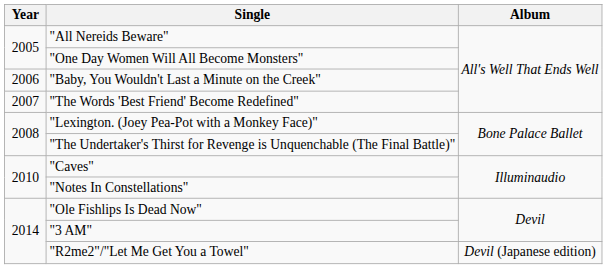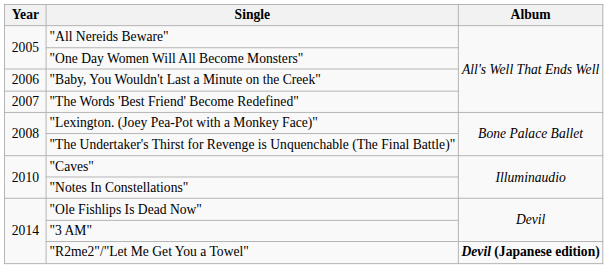 <table class="wikitable" style="text-align:center;">
 <tr>
 <th rowspan="1" width="42">Year</th>
 <th rowspan="1">Single</th>
 <th rowspan="1">Album</th>
 </tr>
 <tr>
 <td rowspan="2">2005</td>
 <td align="left">"All Nereids Beware"</td>
 <td rowspan="4"><em>All's Well That Ends Well</em></td>
 </tr>
 <tr>
 <td align="left">"One Day Women Will All Become Monsters"</td>
 </tr>
 <tr>
 <td>2006</td>
 <td align="left">"Baby, You Wouldn't Last a Minute on the Creek"</td>
 </tr>
 <tr>
 <td>2007</td>
 <td align="left">"The Words 'Best Friend' Become Redefined"</td>
 </tr>
 <tr>
 <td rowspan="2">2008</td>
 <td align="left">"Lexington. (Joey Pea-Pot with a Monkey Face)"</td>
 <td rowspan="2"><em>Bone Palace Ballet</em></td>
 </tr>
 <tr>
 <td align="left">"The Undertaker's Thirst for Revenge is Unquenchable (The Final Battle)"</td>
 </tr>
 <tr>
 <td rowspan="2">2010</td>
 <td align="left">"Caves"</td>
 <td rowspan="2"><em>Illuminaudio</em></td>
 </tr>
 <tr>
 <td align="left">"Notes In Constellations"</td>
 </tr>
 <tr>
 <td rowspan="3">2014</td>
 <td align="left">"Ole Fishlips Is Dead Now"</td>
 <td rowspan="2"><em>Devil</em></td>
 </tr>
 <tr>
 <td align="left">"3 AM"</td>
 </tr>
 <tr>
 <td align="left">"R2me2"/"Let Me Get You a Towel"</td>
-<td><em>Devil</em> (Japanese edition)</td>
+<td><strong><em>Devil</em> (Japanese edition)</strong></td>
 </tr>
 </table>
